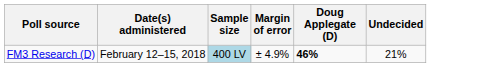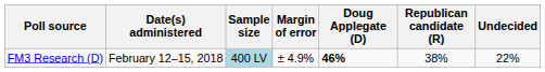 <table class="wikitable">
 <tr>
 <th>Poll source</th>
 <th>Date(s)<br>administered</th>
 <th>Sample<br>size</th>
 <th>Margin<br>of error</th>
 <th style="width:100px;">Doug<br>Applegate (D)</th>
+<th style="width:100px;">Republican<br>candidate (R)</th>
 <th>Undecided</th>
 </tr>
 <tr>
 <td><a href='#'>FM3 Research (D)</a></td>
 <td style="text-align:center">February 12–15, 2018</td>
 <td style="background: lightblue; text-align:center">400 LV</td>
 <td style="text-align:center">± 4.9%</td>
 <td style="background-color:"><strong>46%</strong></td>
-<td style="text-align:center">21%</td>
+<td style="text-align:center">38%</td>
+<td style="text-align:center">22%</td>
 </tr>
 </table>
